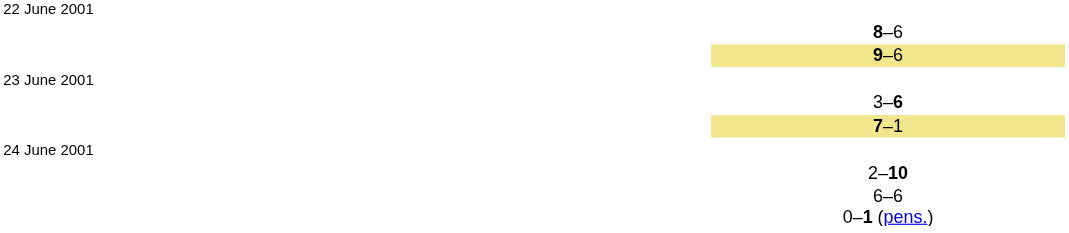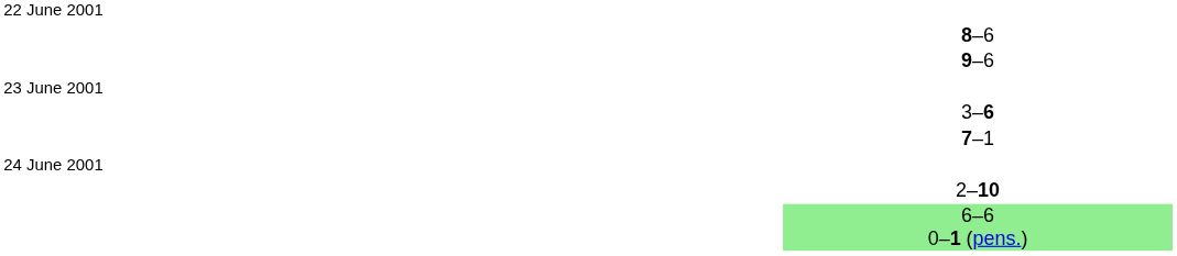 <table width=100% cellspacing=1>
 <tr>
 <th width=40%></th>
 <th width=20%></th>
 <th></th>
 </tr>
 <tr>
 <td><small>22 June 2001</small></td>
 </tr>
 <tr>
 <td align=right><strong></strong></td>
 <td align=center><strong>8</strong>–6</td>
 <td></td>
 </tr>
 <tr>
 <td align=right><strong></strong></td>
-<td align=center style="background: khaki;"><strong>9</strong>–6</td>
+<td align=center><strong>9</strong>–6</td>
 <td></td>
 </tr>
 <tr>
 <td><small>23 June 2001</small></td>
 </tr>
 <tr>
 <td align=right></td>
 <td align=center>3–<strong>6</strong></td>
 <td><strong></strong></td>
 </tr>
 <tr>
 <td align=right><strong></strong></td>
-<td align=center style="background: khaki;"><strong>7</strong>–1</td>
+<td align=center><strong>7</strong>–1</td>
 <td></td>
 </tr>
 <tr>
 <td><small>24 June 2001</small></td>
 </tr>
 <tr>
 <td align=right></td>
 <td align=center>2–<strong>10</strong></td>
 <td><strong></strong></td>
 </tr>
 <tr>
 <td align=right></td>
-<td align=center>6–6 <br>0–<strong>1</strong> (<a href='#'>pens.</a>)</td>
+<td align=center style="background: lightgreen;">6–6 <br>0–<strong>1</strong> (<a href='#'>pens.</a>)</td>
 <td><strong></strong></td>
 </tr>
 </table>
